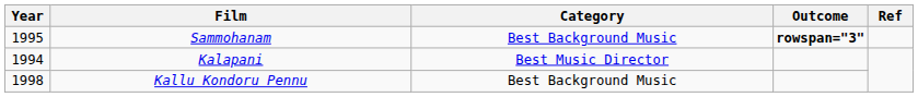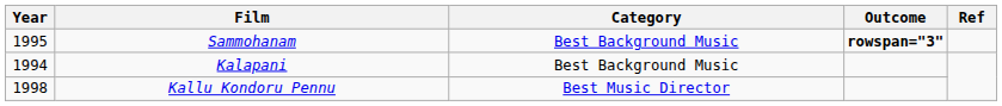 <table class="wikitable" style="width:100%;">
 <tr>
 <th width=5%>Year</th>
 <th style="width:40%;">Film</th>
 <th style="width:40%;">Category</th>
 <th style="width:10%;">Outcome</th>
 <th style="width:10%;">Ref</th>
 </tr>
 <tr>
 <td style="text-align:center;">1995</td>
 <td style="text-align:center;"><em><a href='#'>Sammohanam</a></em></td>
 <td style="text-align:center;"><a href='#'>Best Background Music</a></td>
 <td><strong>rowspan="3" </strong></td>
 <td style="text-align:center;"></td>
 </tr>
 <tr>
 <td style="text-align:center;">1994</td>
 <td style="text-align:center;"><em><a href='#'>Kalapani</a></em></td>
-<td style="text-align:center;"><a href='#'>Best Music Director</a></td>
+<td style="text-align:center;">Best Background Music</td>
 <td style="text-align:center;"></td>
 </tr>
 <tr>
 <td style="text-align:center;">1998</td>
 <td style="text-align:center;"><em><a href='#'>Kallu Kondoru Pennu</a></em></td>
-<td style="text-align:center;">Best Background Music</td>
+<td style="text-align:center;"><a href='#'>Best Music Director</a></td>
 <td style="text-align:center;"></td>
 </tr>
 </table>
